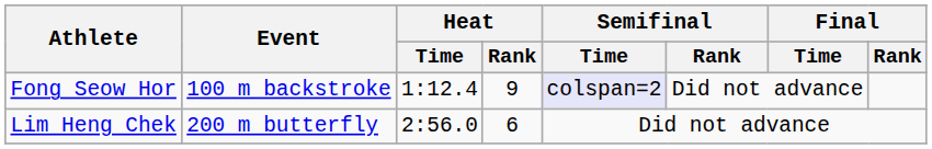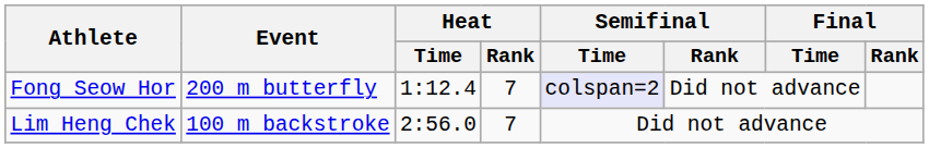 <table class=wikitable style="font-size:90%">
 <tr>
 <th rowspan=2>Athlete</th>
 <th rowspan=2>Event</th>
 <th colspan="2">Heat</th>
 <th colspan="2">Semifinal</th>
 <th colspan="2">Final</th>
 </tr>
 <tr style="font-size:95%">
 <th>Time</th>
 <th>Rank</th>
 <th>Time</th>
 <th>Rank</th>
 <th>Time</th>
 <th>Rank</th>
 </tr>
 <tr align=center>
 <td align=left><a href='#'>Fong Seow Hor</a></td>
-<td align=left><a href='#'>100 m backstroke</a></td>
+<td align=left><a href='#'>200 m butterfly</a></td>
 <td>1:12.4</td>
-<td>9</td>
+<td>7</td>
 <td style="background: lavender;">colspan=2 </td>
 <td colspan=2>Did not advance</td>
 </tr>
 <tr align=center>
 <td align=left><a href='#'>Lim Heng Chek</a></td>
-<td align=left><a href='#'>200 m butterfly</a></td>
+<td align=left><a href='#'>100 m backstroke</a></td>
 <td>2:56.0</td>
-<td>6</td>
+<td>7</td>
 <td colspan=4>Did not advance</td>
 </tr>
 </table>
